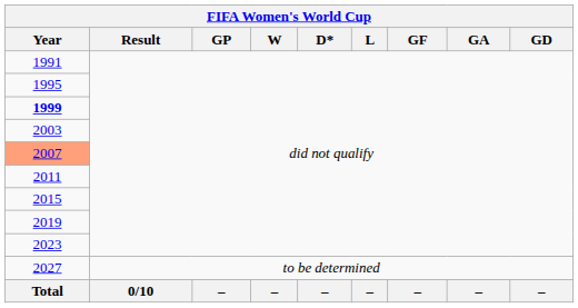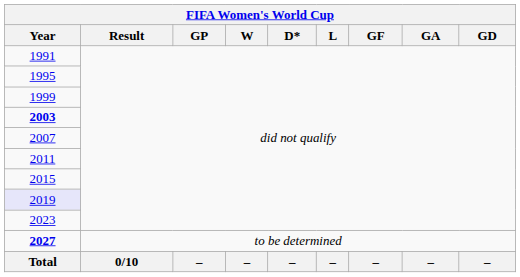 <table class="wikitable" style="text-align: center; width:50%;">
 <tr>
 <th colspan=9><a href='#'>FIFA Women's World Cup</a></th>
 </tr>
 <tr>
 <th>Year</th>
 <th>Result</th>
 <th>GP</th>
 <th>W</th>
 <th>D*</th>
 <th>L</th>
 <th>GF</th>
 <th>GA</th>
 <th>GD</th>
 </tr>
 <tr>
 <td> <a href='#'>1991</a></td>
 <td colspan=8 rowspan=9><em>did not qualify</em></td>
 </tr>
 <tr>
 <td> <a href='#'>1995</a></td>
 </tr>
 <tr>
-<td><strong> <a href='#'>1999</a></strong></td>
+<td> <a href='#'>1999</a></td>
 </tr>
 <tr>
-<td> <a href='#'>2003</a></td>
+<td><strong> <a href='#'>2003</a></strong></td>
 </tr>
 <tr>
-<td style="background: lightsalmon;"> <a href='#'>2007</a></td>
+<td> <a href='#'>2007</a></td>
 </tr>
 <tr>
 <td> <a href='#'>2011</a></td>
 </tr>
 <tr>
 <td> <a href='#'>2015</a></td>
 </tr>
 <tr>
-<td> <a href='#'>2019</a></td>
+<td style="background: lavender;"> <a href='#'>2019</a></td>
 </tr>
 <tr>
 <td> <a href='#'>2023</a></td>
 </tr>
 <tr>
-<td> <a href='#'>2027</a></td>
+<td><strong> <a href='#'>2027</a></strong></td>
 <td colspan=8><em>to be determined</em></td>
 </tr>
 <tr>
 <th>Total</th>
 <th>0/10</th>
 <th>–</th>
 <th>–</th>
 <th>–</th>
 <th>–</th>
 <th>–</th>
 <th>–</th>
 <th>–</th>
 </tr>
 </table>
